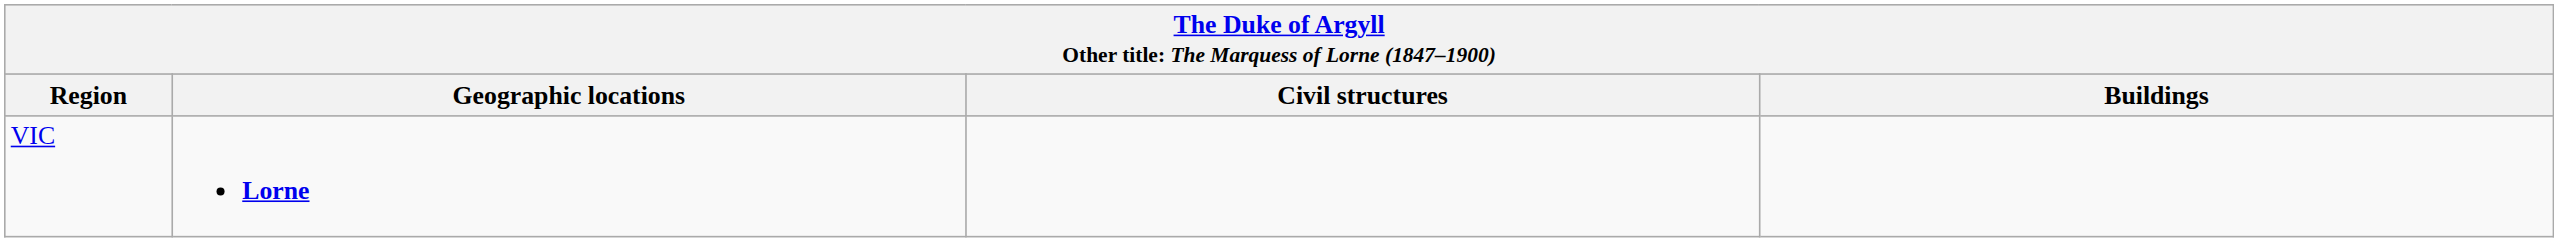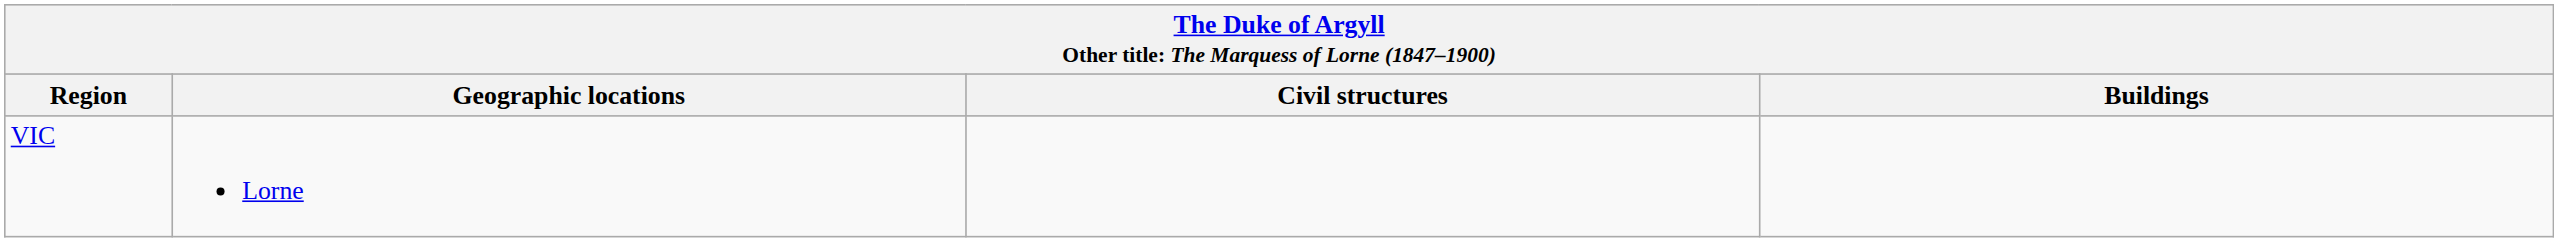 <table class="wikitable" width="100%">
 <tr>
 <th colspan="4"> <a href='#'>The Duke of Argyll</a><br><small>Other title: <em>The Marquess of Lorne (1847–1900)</em></small></th>
 </tr>
 <tr>
 <th width="5%">Region</th>
 <th width="23.75%">Geographic locations</th>
 <th width="23.75%">Civil structures</th>
 <th width="23.75%">Buildings</th>
 </tr>
 <tr>
 <td align=left valign=top> <a href='#'>VIC</a></td>
-<td><strong><br><ul><li><a href='#'>Lorne</a></li></ul></strong></td>
+<td><br><ul><li><a href='#'>Lorne</a></li></ul></td>
 <td></td>
 <td></td>
 </tr>
 </table>
